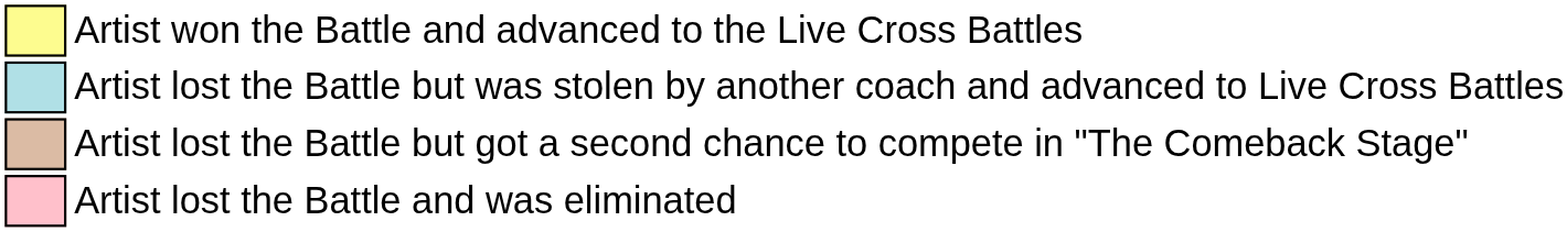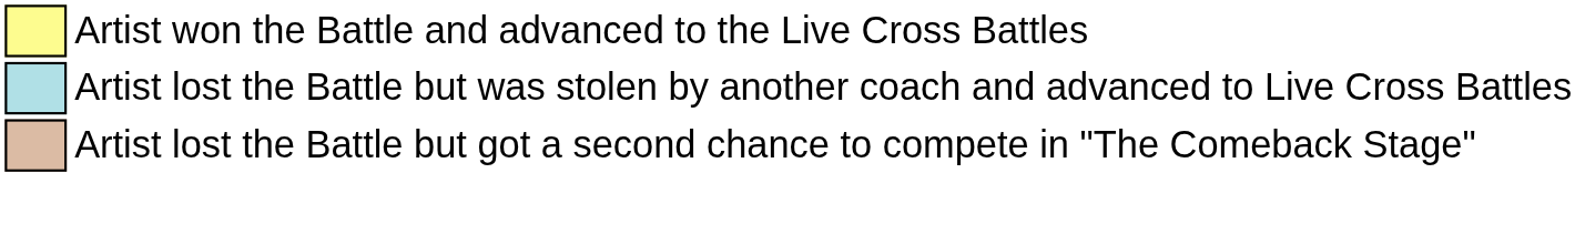 <table class="toccolours" style="font-size: 100%; white-space: nowrap;”">
 <tr>
 <td style="background:#fdfc8f; border:1px solid black;">     </td>
 <td>Artist won the Battle and advanced to the Live Cross Battles</td>
 </tr>
 <tr>
 <td style="background:#b0e0e6; border:1px solid black;">     </td>
 <td>Artist lost the Battle but was stolen by another coach and advanced to Live Cross Battles</td>
 </tr>
 <tr>
 <td style="background:#dbbba4; border:1px solid black;">     </td>
 <td>Artist lost the Battle but got a second chance to compete in "The Comeback Stage"</td>
 </tr>
 <tr>
-<td style="background:pink; border:1px solid black;">     </td>
-<td>Artist lost the Battle and was eliminated</td>
-</tr>
-<tr>
 </tr>
 </table>
